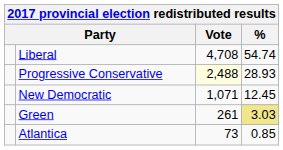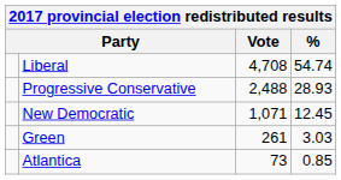 <table class="wikitable">
 <tr>
 <th colspan="4"><a href='#'>2017 provincial election</a> redistributed results</th>
 </tr>
 <tr>
 <th bgcolor="#DDDDFF" width="130px" colspan="2">Party</th>
 <th bgcolor="#DDDDFF" width="50px">Vote</th>
 <th bgcolor="#DDDDFF" width="30px">%</th>
 </tr>
 <tr>
 <td> </td>
 <td><a href='#'>Liberal</a></td>
 <td align=right>4,708</td>
 <td align=right>54.74</td>
 </tr>
 <tr>
 <td> </td>
 <td><a href='#'>Progressive Conservative</a></td>
-<td align=right style="background: lightyellow;">2,488</td>
+<td align=right>2,488</td>
 <td align=right>28.93</td>
 </tr>
 <tr>
 <td> </td>
 <td><a href='#'>New Democratic</a></td>
 <td align=right>1,071</td>
 <td align=right>12.45</td>
 </tr>
 <tr>
 <td> </td>
 <td><a href='#'>Green</a></td>
 <td align=right>261</td>
-<td align=right style="background: khaki;">3.03</td>
+<td align=right>3.03</td>
 </tr>
 <tr>
 <td> </td>
 <td><a href='#'>Atlantica</a></td>
 <td align=right>73</td>
 <td align=right>0.85</td>
 </tr>
 </table>
